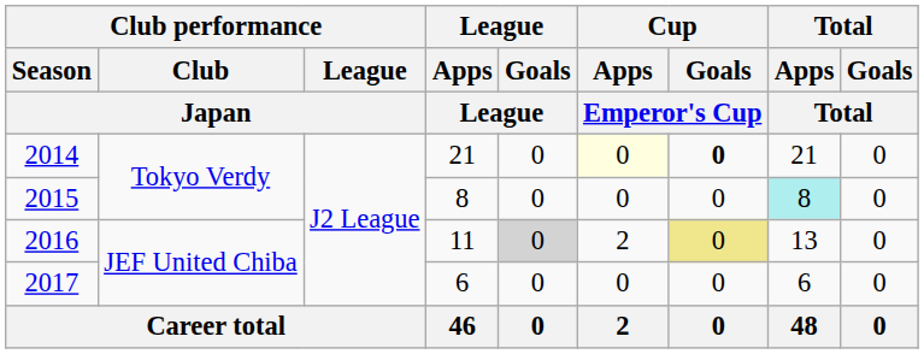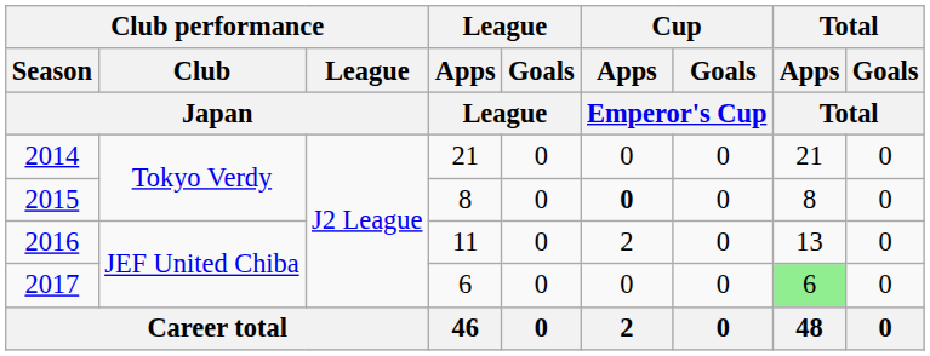 <table class="wikitable" style="text-align:center">
 <tr>
 <th colspan=3>Club performance</th>
 <th colspan=2>League</th>
 <th colspan=2>Cup</th>
 <th colspan=2>Total</th>
 </tr>
 <tr>
 <th>Season</th>
 <th>Club</th>
 <th>League</th>
 <th>Apps</th>
 <th>Goals</th>
 <th>Apps</th>
 <th>Goals</th>
 <th>Apps</th>
 <th>Goals</th>
 </tr>
 <tr>
 <th colspan=3>Japan</th>
 <th colspan=2>League</th>
 <th colspan=2><a href='#'>Emperor's Cup</a></th>
 <th colspan=2>Total</th>
 </tr>
 <tr>
 <td><a href='#'>2014</a></td>
 <td rowspan="2"><a href='#'>Tokyo Verdy</a></td>
 <td rowspan="4"><a href='#'>J2 League</a></td>
 <td>21</td>
 <td>0</td>
-<td style="background: lightyellow;">0</td>
-<td><strong>0</strong></td>
+<td>0</td>
+<td>0</td>
 <td>21</td>
 <td>0</td>
 </tr>
 <tr>
 <td><a href='#'>2015</a></td>
 <td>8</td>
 <td>0</td>
+<td><strong>0</strong></td>
 <td>0</td>
-<td>0</td>
-<td style="background: paleturquoise;">8</td>
+<td>8</td>
 <td>0</td>
 </tr>
 <tr>
 <td><a href='#'>2016</a></td>
 <td rowspan="2"><a href='#'>JEF United Chiba</a></td>
 <td>11</td>
-<td style="background: lightgrey;">0</td>
+<td>0</td>
 <td>2</td>
-<td style="background: khaki;">0</td>
+<td>0</td>
 <td>13</td>
 <td>0</td>
 </tr>
 <tr>
 <td><a href='#'>2017</a></td>
 <td>6</td>
 <td>0</td>
 <td>0</td>
 <td>0</td>
-<td>6</td>
+<td style="background: lightgreen;">6</td>
 <td>0</td>
 </tr>
 <tr>
 <th colspan=3>Career total</th>
 <th>46</th>
 <th>0</th>
 <th>2</th>
 <th>0</th>
 <th>48</th>
 <th>0</th>
 </tr>
 </table>
